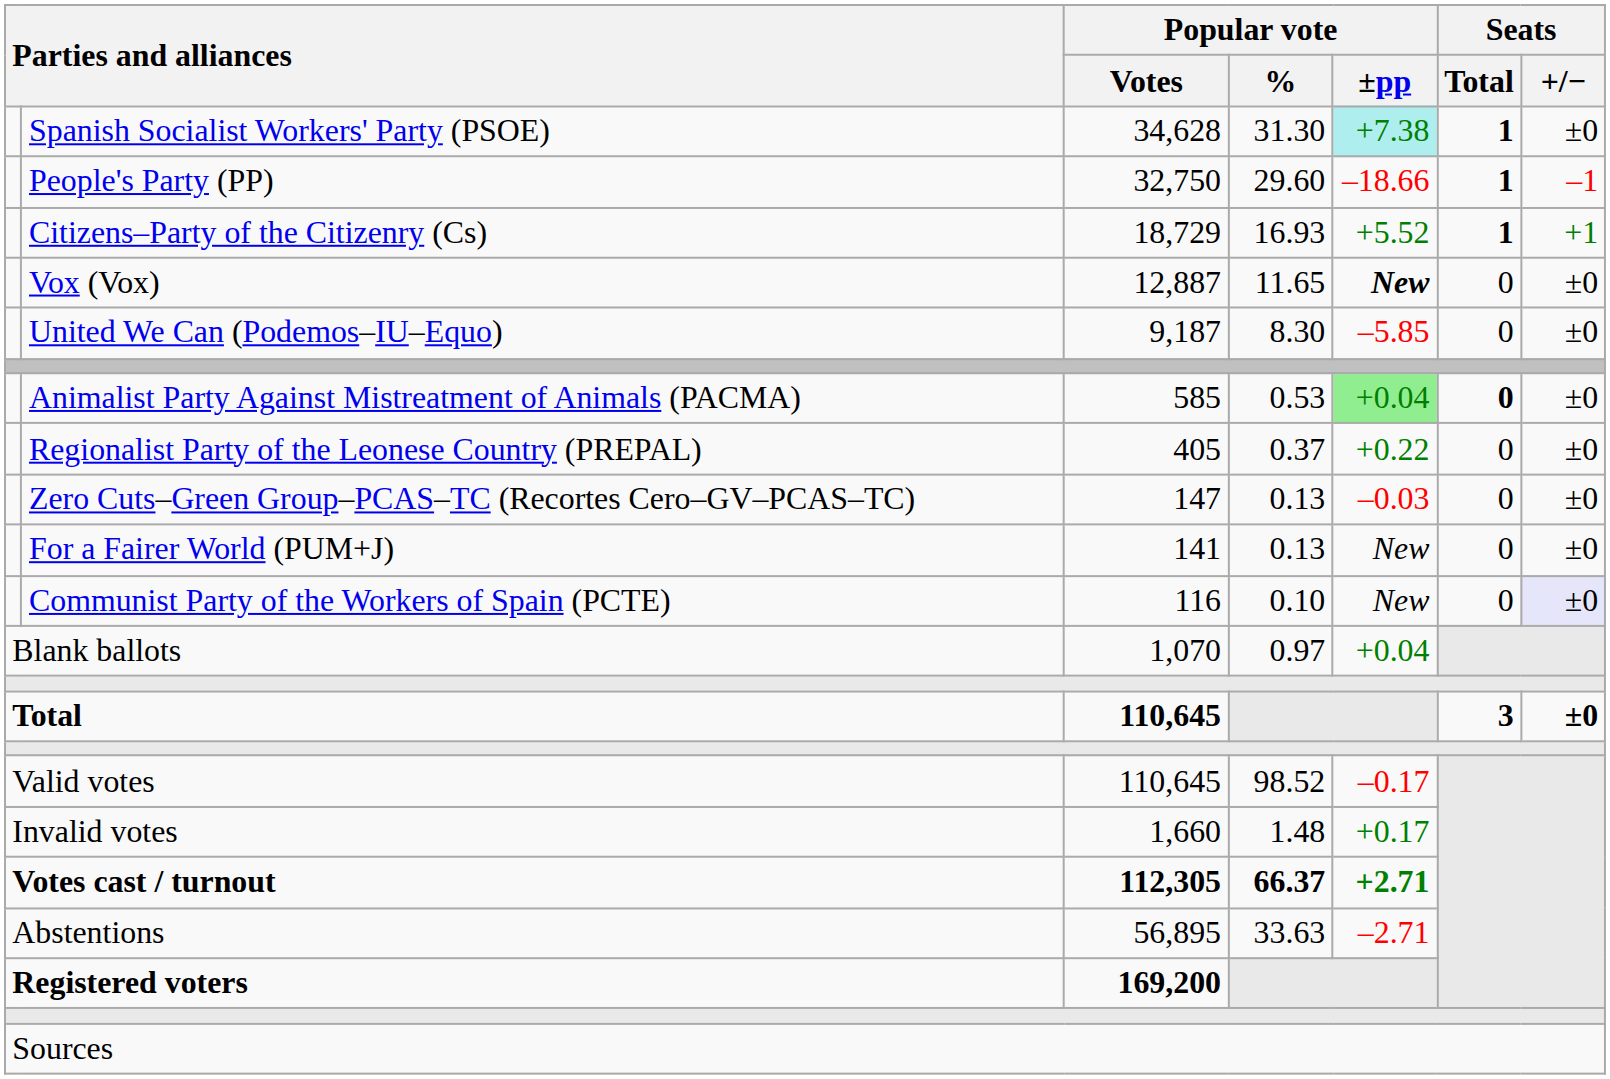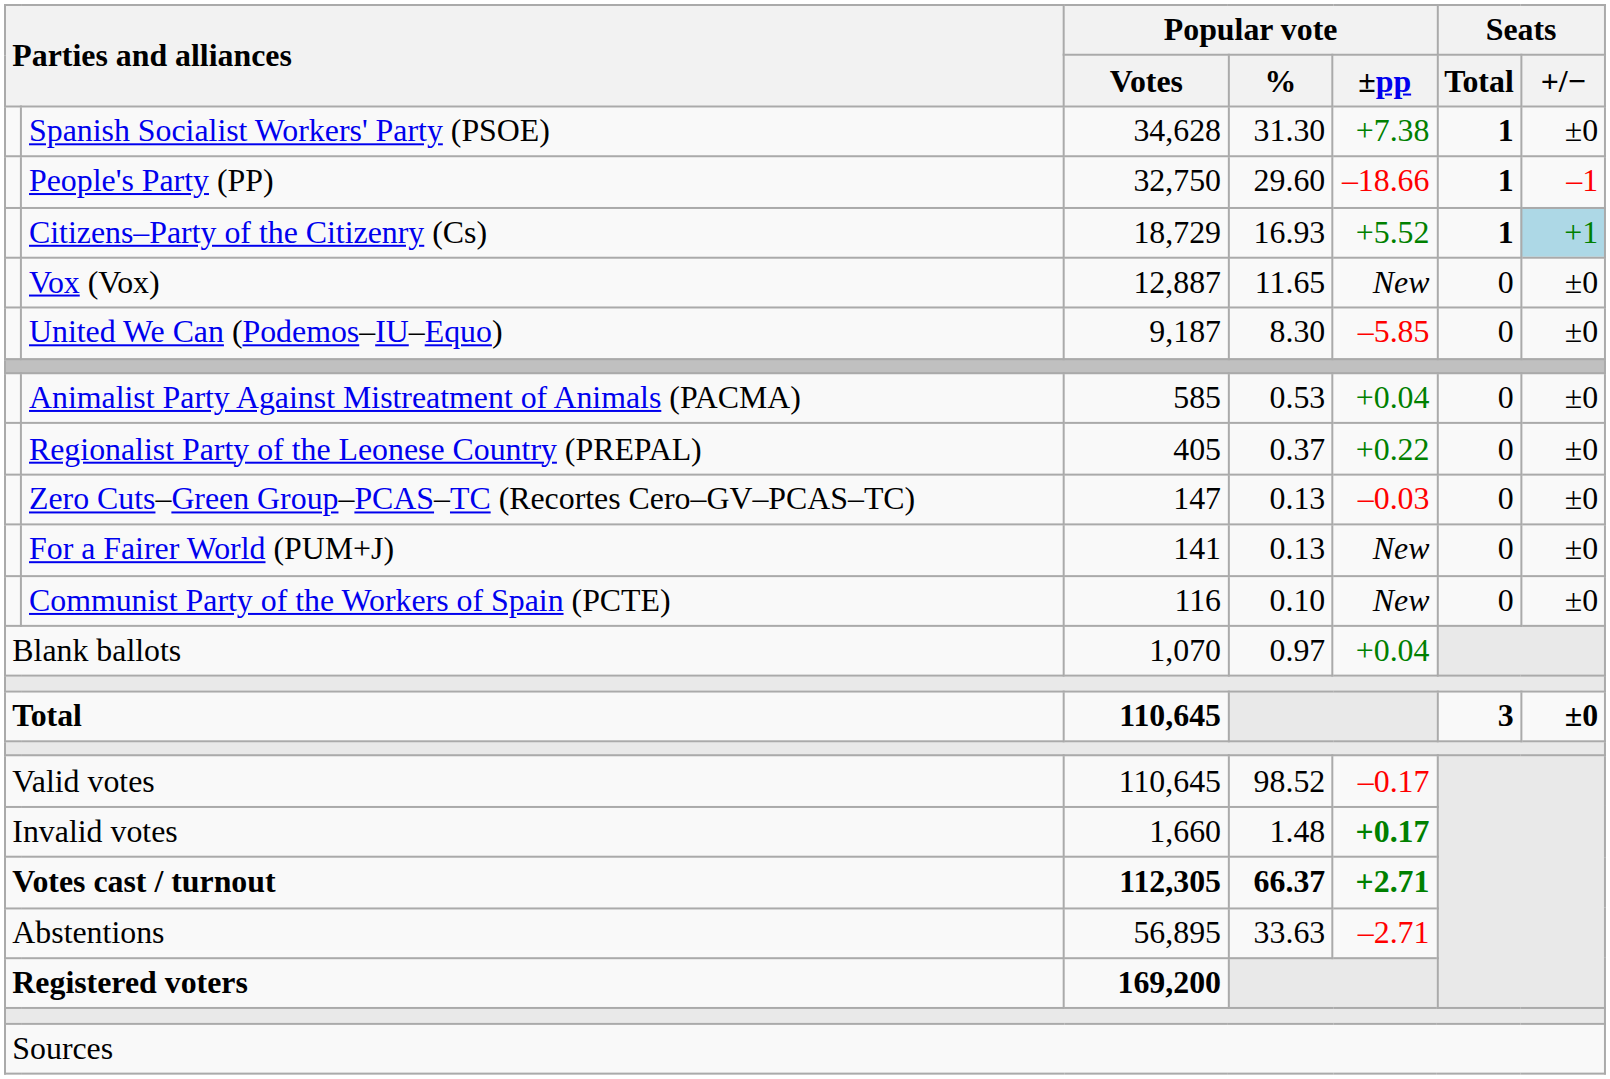 <table class="wikitable" style="text-align:right;">
 <tr>
 <th style="text-align:left;" rowspan="2" colspan="2" width="525">Parties and alliances</th>
 <th colspan="3">Popular vote</th>
 <th colspan="2">Seats</th>
 </tr>
 <tr>
 <th width="75">Votes</th>
 <th width="45">%</th>
 <th width="45">±<a href='#'>pp</a></th>
 <th width="35">Total</th>
 <th width="35">+/−</th>
 </tr>
 <tr>
 <td width="1" style="color:inherit;background:"></td>
 <td align="left"><a href='#'>Spanish Socialist Workers' Party</a> (PSOE)</td>
 <td>34,628</td>
 <td>31.30</td>
-<td style="background: paleturquoise; color:green;">+7.38</td>
+<td style="color:green;">+7.38</td>
 <td><strong>1</strong></td>
 <td>±0</td>
 </tr>
 <tr>
 <td style="color:inherit;background:"></td>
 <td align="left"><a href='#'>People's Party</a> (PP)</td>
 <td>32,750</td>
 <td>29.60</td>
 <td style="color:red;">–18.66</td>
 <td><strong>1</strong></td>
 <td style="color:red;">–1</td>
 </tr>
 <tr>
 <td style="color:inherit;background:"></td>
 <td align="left"><a href='#'>Citizens–Party of the Citizenry</a> (Cs)</td>
 <td>18,729</td>
 <td>16.93</td>
 <td style="color:green;">+5.52</td>
 <td><strong>1</strong></td>
-<td style="color:green;">+1</td>
+<td style="background: lightblue; color:green;">+1</td>
 </tr>
 <tr>
 <td style="color:inherit;background:"></td>
 <td align="left"><a href='#'>Vox</a> (Vox)</td>
 <td>12,887</td>
 <td>11.65</td>
-<td><strong><em>New</em></strong></td>
+<td><em>New</em></td>
 <td>0</td>
 <td>±0</td>
 </tr>
 <tr>
 <td style="color:inherit;background:"></td>
 <td align="left"><a href='#'>United We Can</a> (<a href='#'>Podemos</a>–<a href='#'>IU</a>–<a href='#'>Equo</a>)</td>
 <td>9,187</td>
 <td>8.30</td>
 <td style="color:red;">–5.85</td>
 <td>0</td>
 <td>±0</td>
 </tr>
 <tr>
 <td colspan="7" bgcolor="#C0C0C0"></td>
 </tr>
 <tr>
 <td style="color:inherit;background:"></td>
 <td align="left"><a href='#'>Animalist Party Against Mistreatment of Animals</a> (PACMA)</td>
 <td>585</td>
 <td>0.53</td>
-<td style="background: lightgreen; color:green;">+0.04</td>
-<td><strong>0</strong></td>
+<td style="color:green;">+0.04</td>
+<td>0</td>
 <td>±0</td>
 </tr>
 <tr>
 <td style="color:inherit;background:"></td>
 <td align="left"><a href='#'>Regionalist Party of the Leonese Country</a> (PREPAL)</td>
 <td>405</td>
 <td>0.37</td>
 <td style="color:green;">+0.22</td>
 <td>0</td>
 <td>±0</td>
 </tr>
 <tr>
 <td style="color:inherit;background:"></td>
 <td align="left"><a href='#'>Zero Cuts</a>–<a href='#'>Green Group</a>–<a href='#'>PCAS</a>–<a href='#'>TC</a> (Recortes Cero–GV–PCAS–TC)</td>
 <td>147</td>
 <td>0.13</td>
 <td style="color:red;">–0.03</td>
 <td>0</td>
 <td>±0</td>
 </tr>
 <tr>
 <td style="color:inherit;background:"></td>
 <td align="left"><a href='#'>For a Fairer World</a> (PUM+J)</td>
 <td>141</td>
 <td>0.13</td>
 <td><em>New</em></td>
 <td>0</td>
 <td>±0</td>
 </tr>
 <tr>
 <td style="color:inherit;background:"></td>
 <td align="left"><a href='#'>Communist Party of the Workers of Spain</a> (PCTE)</td>
 <td>116</td>
 <td>0.10</td>
 <td><em>New</em></td>
 <td>0</td>
-<td style="background: lavender;">±0</td>
+<td>±0</td>
 </tr>
 <tr>
 <td align="left" colspan="2">Blank ballots</td>
 <td>1,070</td>
 <td>0.97</td>
 <td style="color:green;">+0.04</td>
 <td bgcolor="#E9E9E9" colspan="2"></td>
 </tr>
 <tr>
 <td colspan="7" bgcolor="#E9E9E9"></td>
 </tr>
 <tr style="font-weight:bold;">
 <td align="left" colspan="2">Total</td>
 <td>110,645</td>
 <td bgcolor="#E9E9E9" colspan="2"></td>
 <td>3</td>
 <td>±0</td>
 </tr>
 <tr>
 <td colspan="7" bgcolor="#E9E9E9"></td>
 </tr>
 <tr>
 <td align="left" colspan="2">Valid votes</td>
 <td>110,645</td>
 <td>98.52</td>
 <td style="color:red;">–0.17</td>
 <td bgcolor="#E9E9E9" colspan="2" rowspan="5"></td>
 </tr>
 <tr>
 <td align="left" colspan="2">Invalid votes</td>
 <td>1,660</td>
 <td>1.48</td>
-<td style="color:green;">+0.17</td>
+<td style="color:green;"><strong>+0.17</strong></td>
 </tr>
 <tr style="font-weight:bold;">
 <td align="left" colspan="2">Votes cast / turnout</td>
 <td>112,305</td>
 <td>66.37</td>
 <td style="color:green;">+2.71</td>
 </tr>
 <tr>
 <td align="left" colspan="2">Abstentions</td>
 <td>56,895</td>
 <td>33.63</td>
 <td style="color:red;">–2.71</td>
 </tr>
 <tr style="font-weight:bold;">
 <td align="left" colspan="2">Registered voters</td>
 <td>169,200</td>
 <td bgcolor="#E9E9E9" colspan="2"></td>
 </tr>
 <tr>
 <td colspan="7" bgcolor="#E9E9E9"></td>
 </tr>
 <tr>
 <td align="left" colspan="7">Sources</td>
 </tr>
 </table>
